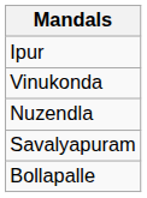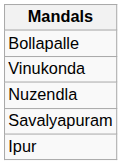 <table class="wikitable sortable static-row-numbers static-row-header-hash">
 <tr>
 <th>Mandals</th>
 </tr>
 <tr>
-<td>Ipur</td>
+<td>Bollapalle</td>
 </tr>
 <tr>
 <td>Vinukonda</td>
 </tr>
 <tr>
 <td>Nuzendla</td>
 </tr>
 <tr>
 <td>Savalyapuram</td>
 </tr>
 <tr>
-<td>Bollapalle</td>
+<td>Ipur</td>
 </tr>
 </table>
